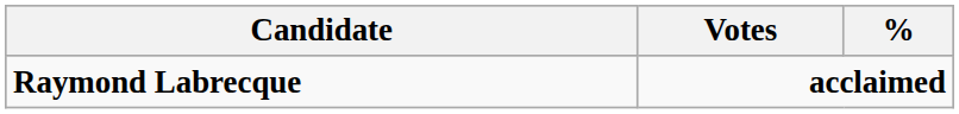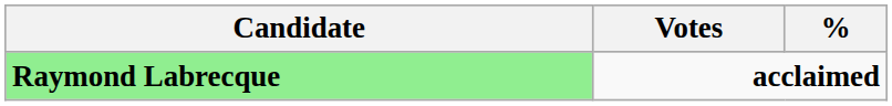 <table style="width:475px;" class="wikitable">
 <tr>
 <th align="center">Candidate</th>
 <th align="center">Votes</th>
 <th align="center">%</th>
 </tr>
 <tr>
-<td align="left"><strong>Raymond Labrecque</strong></td>
+<td align="left" style="background: lightgreen;"><strong>Raymond Labrecque</strong></td>
 <td align="right" colspan="2"><strong>acclaimed</strong></td>
 </tr>
 </table>
